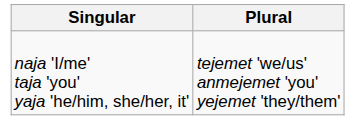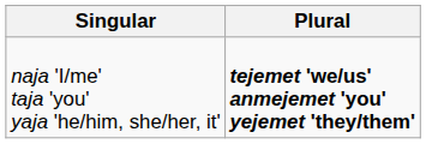 <table class="wikitable" style="margin: 1em auto 1em auto">
 <tr>
 <th align="center">Singular</th>
 <th align="center">Plural</th>
 </tr>
 <tr>
 <td><br><em>naja</em> 'I/me'<br><em>taja</em> 'you'<br><em>yaja</em> 'he/him, she/her, it'</td>
-<td><br><em>tejemet</em> 'we/us'<br><em>anmejemet</em> 'you'<br><em>yejemet</em> 'they/them'</td>
+<td><strong><br><em>tejemet</em> 'we/us'<br><em>anmejemet</em> 'you'<br><em>yejemet</em> 'they/them'</strong></td>
 </tr>
 </table>
